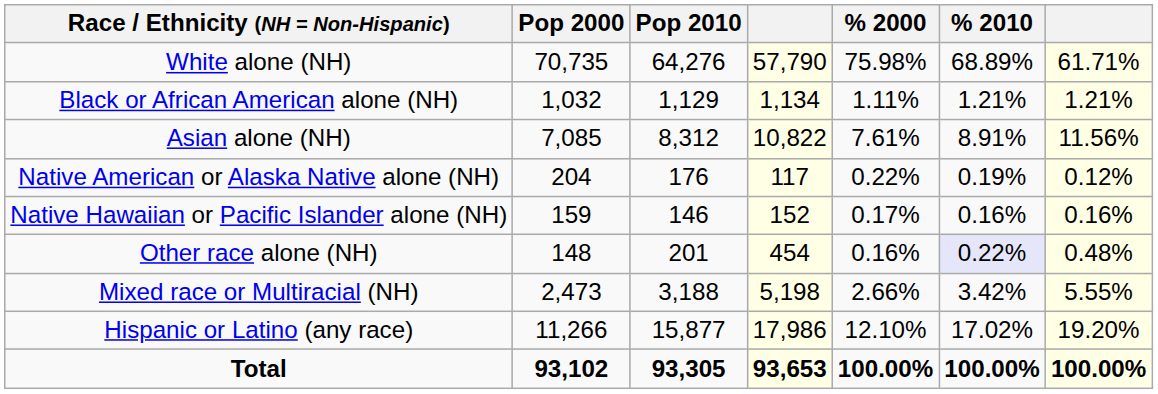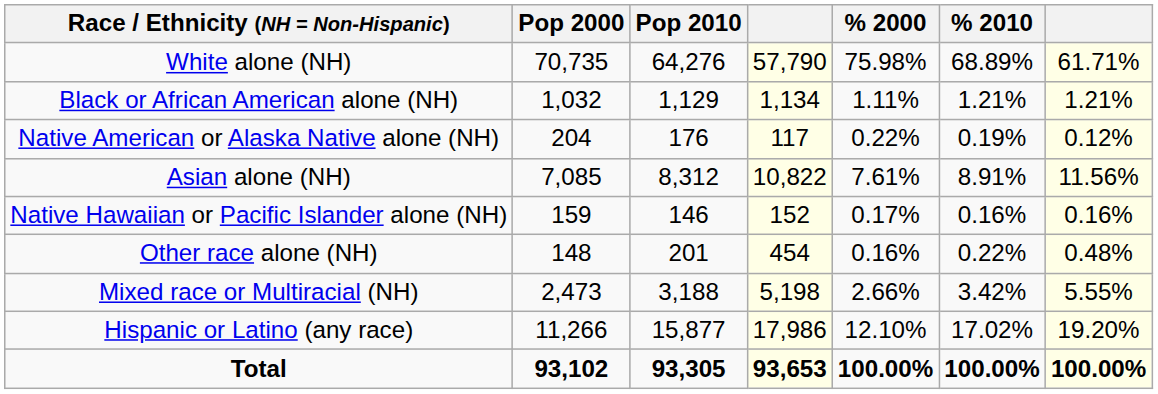 <table class="wikitable" style="text-align:center;">
 <tr>
 <th>Race / Ethnicity <small>(<em>NH = Non-Hispanic</em>)</small></th>
 <th>Pop 2000</th>
 <th>Pop 2010</th>
 <th></th>
 <th>% 2000</th>
 <th>% 2010</th>
 <th></th>
 </tr>
 <tr>
 <td><a href='#'>White</a> alone (NH)</td>
 <td>70,735</td>
 <td>64,276</td>
 <td style='background: #ffffe6;'>57,790</td>
 <td>75.98%</td>
 <td>68.89%</td>
 <td style='background: #ffffe6;'>61.71%</td>
 </tr>
 <tr>
 <td><a href='#'>Black or African American</a> alone (NH)</td>
 <td>1,032</td>
 <td>1,129</td>
 <td style='background: #ffffe6;'>1,134</td>
 <td>1.11%</td>
 <td>1.21%</td>
 <td style='background: #ffffe6;'>1.21%</td>
 </tr>
 <tr>
+<td><a href='#'>Native American</a> or <a href='#'>Alaska Native</a> alone (NH)</td>
+<td>204</td>
+<td>176</td>
+<td style='background: #ffffe6;'>117</td>
+<td>0.22%</td>
+<td>0.19%</td>
+<td style='background: #ffffe6;'>0.12%</td>
+</tr>
+<tr>
 <td><a href='#'>Asian</a> alone (NH)</td>
 <td>7,085</td>
 <td>8,312</td>
 <td style='background: #ffffe6;'>10,822</td>
 <td>7.61%</td>
 <td>8.91%</td>
 <td style='background: #ffffe6;'>11.56%</td>
-</tr>
-<tr>
-<td><a href='#'>Native American</a> or <a href='#'>Alaska Native</a> alone (NH)</td>
-<td>204</td>
-<td>176</td>
-<td style='background: #ffffe6;'>117</td>
-<td>0.22%</td>
-<td>0.19%</td>
-<td style='background: #ffffe6;'>0.12%</td>
 </tr>
 <tr>
 <td><a href='#'>Native Hawaiian</a> or <a href='#'>Pacific Islander</a> alone (NH)</td>
 <td>159</td>
 <td>146</td>
 <td style='background: #ffffe6;'>152</td>
 <td>0.17%</td>
 <td>0.16%</td>
 <td style='background: #ffffe6;'>0.16%</td>
 </tr>
 <tr>
 <td><a href='#'>Other race</a> alone (NH)</td>
 <td>148</td>
 <td>201</td>
 <td style='background: #ffffe6;'>454</td>
 <td>0.16%</td>
-<td style="background: lavender;">0.22%</td>
+<td>0.22%</td>
 <td style='background: #ffffe6;'>0.48%</td>
 </tr>
 <tr>
 <td><a href='#'>Mixed race or Multiracial</a> (NH)</td>
 <td>2,473</td>
 <td>3,188</td>
 <td style='background: #ffffe6;'>5,198</td>
 <td>2.66%</td>
 <td>3.42%</td>
 <td style='background: #ffffe6;'>5.55%</td>
 </tr>
 <tr>
 <td><a href='#'>Hispanic or Latino</a> (any race)</td>
 <td>11,266</td>
 <td>15,877</td>
 <td style='background: #ffffe6;'>17,986</td>
 <td>12.10%</td>
 <td>17.02%</td>
 <td style='background: #ffffe6;'>19.20%</td>
 </tr>
 <tr>
 <td><strong>Total</strong></td>
 <td><strong>93,102</strong></td>
 <td><strong>93,305</strong></td>
 <td style='background: #ffffe6;'><strong>93,653</strong></td>
 <td><strong>100.00%</strong></td>
 <td><strong>100.00%</strong></td>
 <td style='background: #ffffe6;'><strong>100.00%</strong></td>
 </tr>
 </table>
